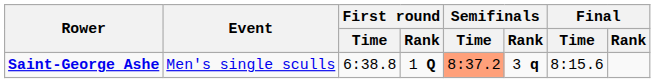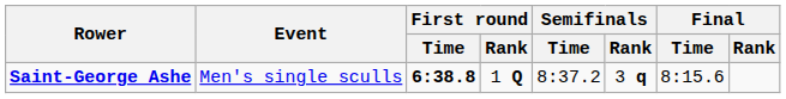 <table class="wikitable sortable">
 <tr>
 <th rowspan="2">Rower</th>
 <th rowspan="2">Event</th>
 <th colspan="2">First round</th>
 <th colspan="2">Semifinals</th>
 <th colspan="2">Final</th>
 </tr>
 <tr>
 <th>Time</th>
 <th>Rank</th>
 <th>Time</th>
 <th>Rank</th>
 <th>Time</th>
 <th>Rank</th>
 </tr>
 <tr>
 <td><strong><a href='#'>Saint-George Ashe</a></strong></td>
 <td><a href='#'>Men's single sculls</a></td>
-<td align="center">6:38.8</td>
+<td align="center"><strong>6:38.8</strong></td>
 <td align="center">1 <strong>Q</strong></td>
-<td align="center" style="background: lightsalmon;">8:37.2</td>
+<td align="center">8:37.2</td>
 <td align="center">3 <strong>q</strong></td>
 <td align="center">8:15.6</td>
 <td align="center"></td>
 </tr>
 </table>
